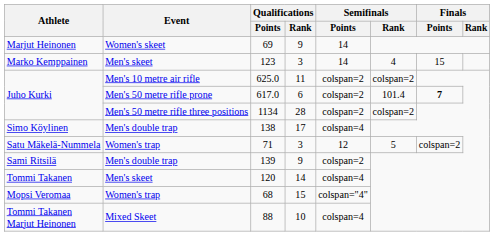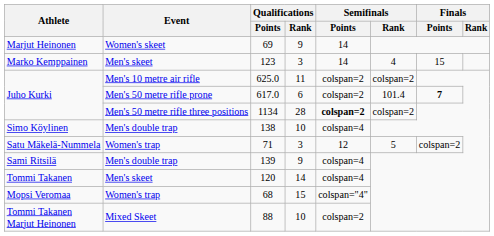 <table class="wikitable" style="font-size:90%">
 <tr>
 <th rowspan="2">Athlete</th>
 <th rowspan="2">Event</th>
 <th colspan=2>Qualifications</th>
 <th colspan=2>Semifinals</th>
 <th colspan=2>Finals</th>
 </tr>
 <tr style="font-size:95%">
 <th>Points</th>
 <th>Rank</th>
 <th>Points</th>
 <th>Rank</th>
 <th>Points</th>
 <th>Rank</th>
 </tr>
 <tr align=center>
 <td align=left><a href='#'>Marjut Heinonen</a></td>
 <td align=left><a href='#'>Women's skeet</a></td>
 <td>69</td>
 <td>9</td>
 <td>14</td>
 </tr>
 <tr align=center>
 <td align=left><a href='#'>Marko Kemppainen</a></td>
 <td align=left><a href='#'>Men's skeet</a></td>
 <td>123</td>
 <td>3 </td>
 <td>14</td>
 <td>4 </td>
 <td>15</td>
 <td></td>
 </tr>
 <tr align=center>
 <td align=left rowspan=3><a href='#'>Juho Kurki</a></td>
 <td align=left><a href='#'>Men's 10 metre air rifle</a></td>
 <td>625.0</td>
 <td>11</td>
 <td>colspan=2 </td>
 <td>colspan=2 </td>
 </tr>
 <tr align=center>
 <td align=left><a href='#'>Men's 50 metre rifle prone</a></td>
 <td>617.0</td>
 <td>6 </td>
 <td>colspan=2 </td>
 <td>101.4</td>
 <td><strong>7</strong></td>
 </tr>
 <tr align=center>
 <td align=left><a href='#'>Men's 50 metre rifle three positions</a></td>
 <td>1134</td>
 <td>28</td>
-<td>colspan=2 </td>
+<td><strong>colspan=2 </strong></td>
 <td>colspan=2 </td>
 </tr>
 <tr align=center>
 <td align=left><a href='#'>Simo Köylinen</a></td>
 <td align=left><a href='#'>Men's double trap</a></td>
 <td>138</td>
-<td>17</td>
+<td>10</td>
 <td>colspan=4 </td>
 </tr>
 <tr align=center>
 <td align=left><a href='#'>Satu Mäkelä-Nummela</a></td>
 <td align=left><a href='#'>Women's trap</a></td>
 <td>71</td>
 <td>3 </td>
 <td>12</td>
 <td>5</td>
 <td>colspan=2 </td>
 </tr>
 <tr align=center>
 <td align=left><a href='#'>Sami Ritsilä</a></td>
 <td align=left><a href='#'>Men's double trap</a></td>
 <td>139</td>
 <td>9</td>
-<td>colspan=2 </td>
+<td>colspan=4 </td>
 </tr>
 <tr align=center>
 <td align=left><a href='#'>Tommi Takanen</a></td>
 <td align=left><a href='#'>Men's skeet</a></td>
 <td>120</td>
 <td>14</td>
 <td>colspan=4 </td>
 </tr>
 <tr align=center>
 <td align=left><a href='#'>Mopsi Veromaa</a></td>
 <td align=left><a href='#'>Women's trap</a></td>
 <td>68</td>
 <td>15</td>
 <td>colspan="4" </td>
 </tr>
 <tr align=center>
 <td align=left><a href='#'>Tommi Takanen</a><br><a href='#'>Marjut Heinonen</a></td>
 <td align=left><a href='#'>Mixed Skeet</a></td>
 <td>88</td>
 <td>10</td>
-<td>colspan=4 </td>
+<td>colspan=2 </td>
 </tr>
 </table>
